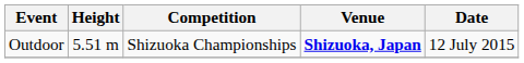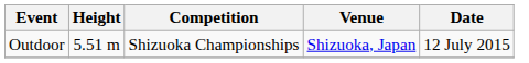 <table class="wikitable" style=text-align:center>
 <tr>
 <th>Event</th>
 <th>Height</th>
 <th>Competition</th>
 <th>Venue</th>
 <th>Date</th>
 </tr>
 <tr>
 <td>Outdoor</td>
 <td>5.51 m</td>
 <td>Shizuoka Championships</td>
-<td><strong><a href='#'>Shizuoka, Japan</a></strong></td>
+<td><a href='#'>Shizuoka, Japan</a></td>
 <td>12 July 2015</td>
 </tr>
 <tr>
 </tr>
 </table>
